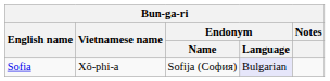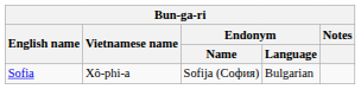 <table class="wikitable sortable">
 <tr>
 <th colspan="5"> Bun-ga-ri</th>
 </tr>
 <tr>
 <th rowspan="2">English name</th>
 <th rowspan="2">Vietnamese name</th>
 <th colspan="2">Endonym</th>
 <th>Notes</th>
 </tr>
 <tr>
 <th>Name</th>
 <th>Language</th>
 <th></th>
 </tr>
 <tr>
 <td><a href='#'>Sofia</a></td>
 <td>Xô-phi-a</td>
 <td>Sofija (София)</td>
-<td style="background: lavender;">Bulgarian</td>
+<td>Bulgarian</td>
 <td></td>
 </tr>
 </table>
